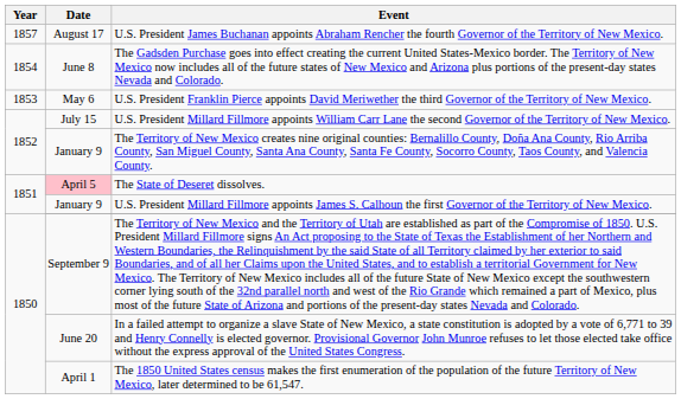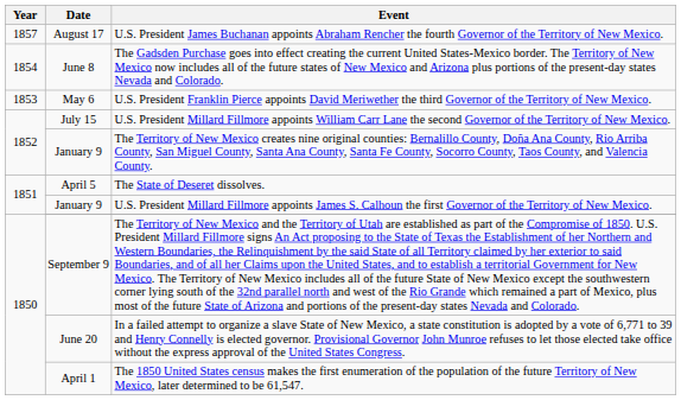 <table class="wikitable" style="width:100%;">
 <tr>
 <th style="width:6%">Year</th>
 <th style="width:8%">Date</th>
 <th style="width:86%">Event</th>
 </tr>
 <tr>
 <td align=center rowspan=1>1857</td>
 <td align=center>August 17</td>
 <td>U.S. President <a href='#'>James Buchanan</a> appoints <a href='#'>Abraham Rencher</a> the fourth <a href='#'>Governor of the Territory of New Mexico</a>.</td>
 </tr>
 <tr>
 <td align=center rowspan=1>1854</td>
 <td align=center>June 8</td>
 <td>The <a href='#'>Gadsden Purchase</a> goes into effect creating the current United States-Mexico border. The <a href='#'>Territory of New Mexico</a> now includes all of the future states of <a href='#'>New Mexico</a> and <a href='#'>Arizona</a> plus portions of the present-day states <a href='#'>Nevada</a> and <a href='#'>Colorado</a>.</td>
 </tr>
 <tr>
 <td align=center rowspan=1>1853</td>
 <td align=center>May 6</td>
 <td>U.S. President <a href='#'>Franklin Pierce</a> appoints <a href='#'>David Meriwether</a> the third <a href='#'>Governor of the Territory of New Mexico</a>.</td>
 </tr>
 <tr>
 <td align=center rowspan=2>1852</td>
 <td align=center>July 15</td>
 <td>U.S. President <a href='#'>Millard Fillmore</a> appoints <a href='#'>William Carr Lane</a> the second <a href='#'>Governor of the Territory of New Mexico</a>.</td>
 </tr>
 <tr>
 <td align=center>January 9</td>
 <td>The <a href='#'>Territory of New Mexico</a> creates nine original counties: <a href='#'>Bernalillo County</a>, <a href='#'>Doña Ana County</a>, <a href='#'>Rio Arriba County</a>, <a href='#'>San Miguel County</a>, <a href='#'>Santa Ana County</a>, <a href='#'>Santa Fe County</a>, <a href='#'>Socorro County</a>, <a href='#'>Taos County</a>, and <a href='#'>Valencia County</a>.</td>
 </tr>
 <tr>
 <td align=center rowspan=2>1851</td>
-<td align=center style="background: pink;">April 5</td>
+<td align=center>April 5</td>
 <td>The <a href='#'>State of Deseret</a> dissolves.</td>
 </tr>
 <tr>
 <td align=center>January 9</td>
 <td>U.S. President <a href='#'>Millard Fillmore</a> appoints <a href='#'>James S. Calhoun</a> the first <a href='#'>Governor of the Territory of New Mexico</a>.</td>
 </tr>
 <tr>
 <td align=center rowspan=4>1850</td>
 </tr>
 <tr>
 <td align=center>September 9</td>
 <td>The <a href='#'>Territory of New Mexico</a> and the <a href='#'>Territory of Utah</a> are established as part of the <a href='#'>Compromise of 1850</a>. U.S. President <a href='#'>Millard Fillmore</a> signs <a href='#'>An Act proposing to the State of Texas the Establishment of her Northern and Western Boundaries, the Relinquishment by the said State of all Territory claimed by her exterior to said Boundaries, and of all her Claims upon the United States, and to establish a territorial Government for New Mexico</a>. The Territory of New Mexico includes all of the future State of New Mexico except the southwestern corner lying south of the <a href='#'>32nd parallel north</a> and west of the <a href='#'>Rio Grande</a> which remained a part of Mexico, plus most of the future <a href='#'>State of Arizona</a> and portions of the present-day states <a href='#'>Nevada</a> and <a href='#'>Colorado</a>.</td>
 </tr>
 <tr>
 <td align=center>June 20</td>
 <td>In a failed attempt to organize a slave State of New Mexico, a state constitution is adopted by a vote of 6,771 to 39 and <a href='#'>Henry Connelly</a> is elected governor. <a href='#'>Provisional Governor</a> <a href='#'>John Munroe</a> refuses to let those elected take office without the express approval of the <a href='#'>United States Congress</a>.</td>
 </tr>
 <tr>
 <td align=center>April 1</td>
 <td>The <a href='#'>1850 United States census</a> makes the first enumeration of the population of the future <a href='#'>Territory of New Mexico</a>, later determined to be 61,547.</td>
 </tr>
 </table>
